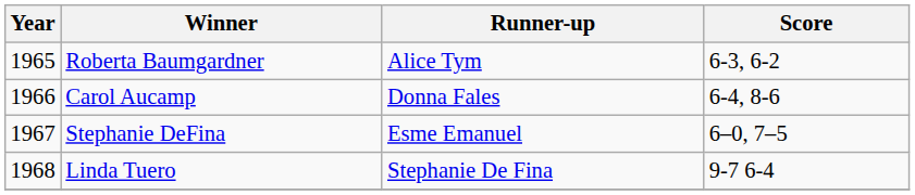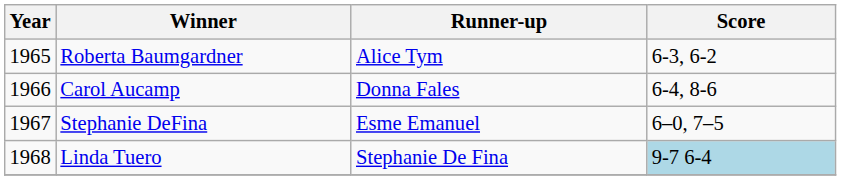 <table class="wikitable" style="font-size:90%">
 <tr>
 <th>Year</th>
 <th width="200">Winner</th>
 <th width="200">Runner-up</th>
 <th width="125">Score</th>
 </tr>
 <tr>
 <td>1965</td>
 <td> <a href='#'>Roberta Baumgardner</a></td>
 <td> <a href='#'>Alice Tym</a></td>
 <td>6-3, 6-2</td>
 </tr>
 <tr>
 <td>1966</td>
 <td> <a href='#'>Carol Aucamp</a></td>
 <td> <a href='#'>Donna Fales</a></td>
 <td>6-4, 8-6</td>
 </tr>
 <tr>
 <td>1967</td>
 <td><a href='#'>Stephanie DeFina</a></td>
 <td> <a href='#'>Esme Emanuel</a></td>
 <td>6–0, 7–5</td>
 </tr>
 <tr>
 <td>1968</td>
 <td> <a href='#'>Linda Tuero</a></td>
 <td> <a href='#'>Stephanie De Fina</a></td>
-<td>9-7 6-4</td>
+<td style="background: lightblue;">9-7 6-4</td>
 </tr>
 <tr>
 </tr>
 </table>
